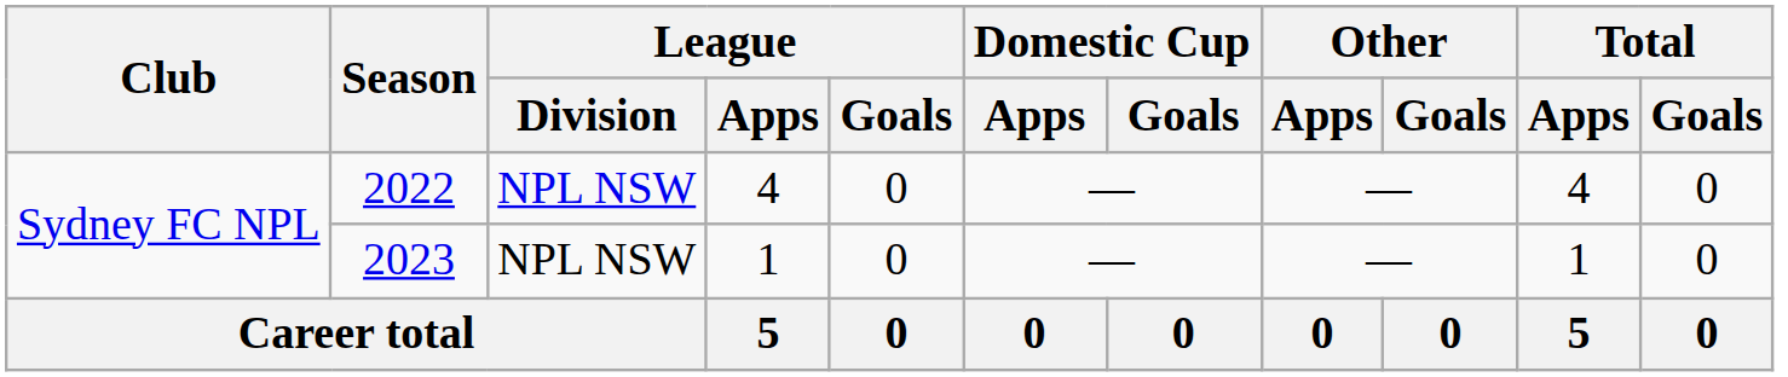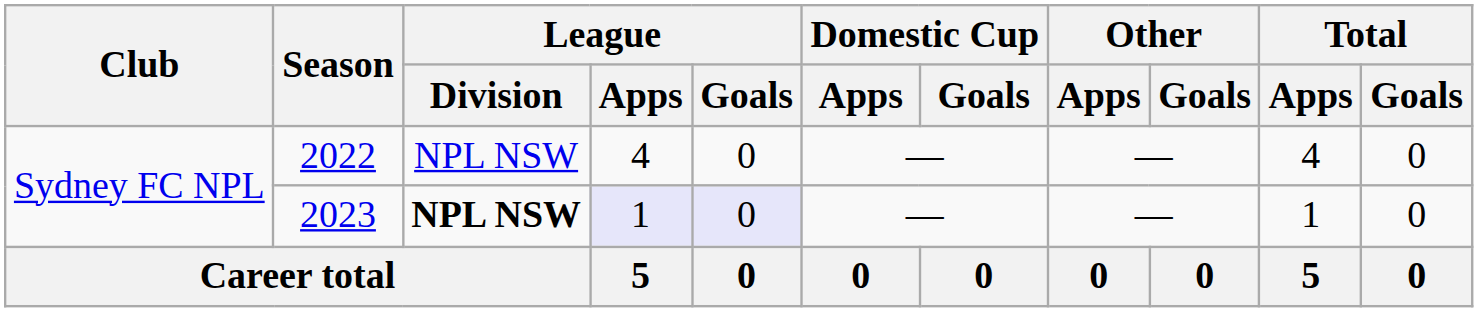 <table class="wikitable" style="text-align:center">
 <tr>
 <th rowspan=2>Club</th>
 <th rowspan=2>Season</th>
 <th colspan=3>League</th>
 <th colspan=2>Domestic Cup</th>
 <th colspan=2>Other</th>
 <th colspan=2>Total</th>
 </tr>
 <tr>
 <th>Division</th>
 <th>Apps</th>
 <th>Goals</th>
 <th>Apps</th>
 <th>Goals</th>
 <th>Apps</th>
 <th>Goals</th>
 <th>Apps</th>
 <th>Goals</th>
 </tr>
 <tr>
 <td rowspan="2"><a href='#'>Sydney FC NPL</a></td>
 <td><a href='#'>2022</a></td>
 <td><a href='#'>NPL NSW</a></td>
 <td>4</td>
 <td>0</td>
 <td colspan="2">—</td>
 <td colspan="2">—</td>
 <td>4</td>
 <td>0</td>
 </tr>
 <tr>
 <td><a href='#'>2023</a></td>
-<td>NPL NSW</td>
-<td>1</td>
-<td>0</td>
+<td><strong>NPL NSW</strong></td>
+<td style="background: lavender;">1</td>
+<td style="background: lavender;">0</td>
 <td colspan="2">—</td>
 <td colspan="2">—</td>
 <td>1</td>
 <td>0</td>
 </tr>
 <tr>
 <th colspan="3">Career total</th>
 <th>5</th>
 <th>0</th>
 <th>0</th>
 <th>0</th>
 <th>0</th>
 <th>0</th>
 <th>5</th>
 <th>0</th>
 </tr>
 </table>
